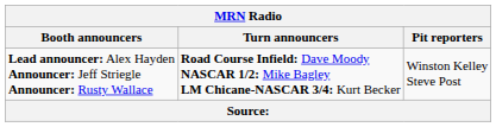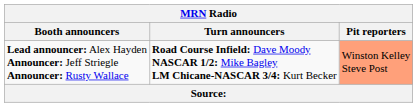 <table class="wikitable" style="font-size: 95%">
 <tr>
 <th colspan="3"><a href='#'>MRN</a> Radio</th>
 </tr>
 <tr>
 <th>Booth announcers</th>
 <th>Turn announcers</th>
 <th>Pit reporters</th>
 </tr>
 <tr>
 <td><strong>Lead announcer:</strong> Alex Hayden<br><strong>Announcer:</strong> Jeff Striegle<br><strong>Announcer:</strong> <a href='#'>Rusty Wallace</a></td>
 <td><strong>Road Course Infield:</strong> <a href='#'>Dave Moody</a><br><strong>NASCAR 1/2:</strong> <a href='#'>Mike Bagley</a><br><strong>LM Chicane-NASCAR 3/4:</strong> Kurt Becker</td>
-<td>Winston Kelley<br>Steve Post</td>
+<td style="background: lightsalmon;">Winston Kelley<br>Steve Post</td>
 </tr>
 <tr>
 <th colspan="3">Source:</th>
 </tr>
 </table>
